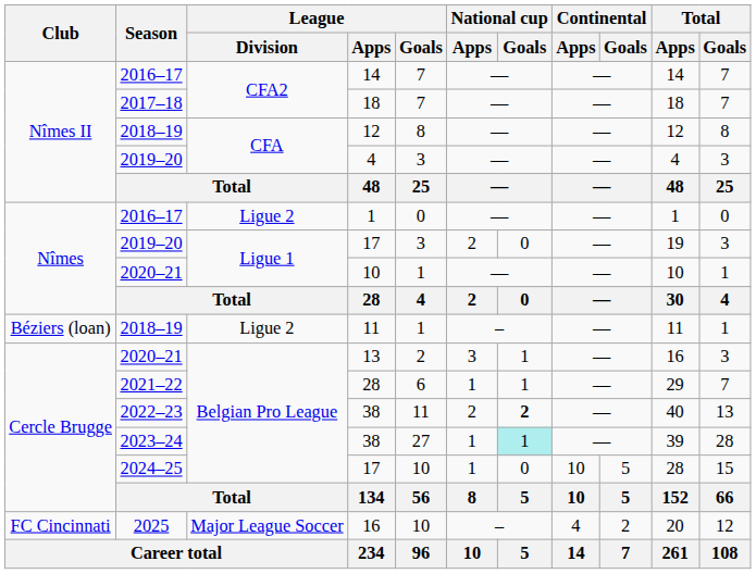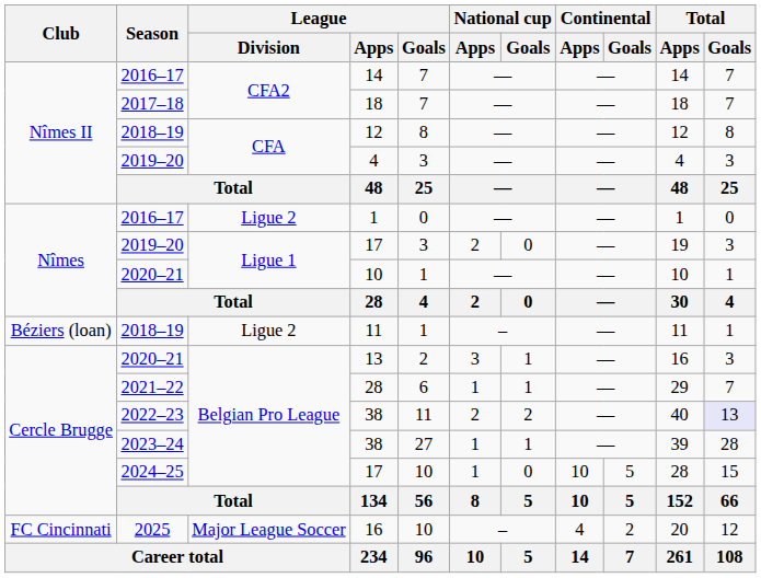 <table class="wikitable" style="text-align:center">
 <tr>
 <th rowspan="2">Club</th>
 <th rowspan="2">Season</th>
 <th colspan="3">League</th>
 <th colspan="2">National cup</th>
 <th colspan="2">Continental</th>
 <th colspan="2">Total</th>
 </tr>
 <tr>
 <th>Division</th>
 <th>Apps</th>
 <th>Goals</th>
 <th>Apps</th>
 <th>Goals</th>
 <th>Apps</th>
 <th>Goals</th>
 <th>Apps</th>
 <th>Goals</th>
 </tr>
 <tr>
 <td rowspan="5"><a href='#'>Nîmes II</a></td>
 <td><a href='#'>2016–17</a></td>
 <td rowspan="2"><a href='#'>CFA2</a></td>
 <td>14</td>
 <td>7</td>
 <td colspan="2">—</td>
 <td colspan="2">—</td>
 <td>14</td>
 <td>7</td>
 </tr>
 <tr>
 <td><a href='#'>2017–18</a></td>
 <td>18</td>
 <td>7</td>
 <td colspan="2">—</td>
 <td colspan="2">—</td>
 <td>18</td>
 <td>7</td>
 </tr>
 <tr>
 <td><a href='#'>2018–19</a></td>
 <td rowspan="2"><a href='#'>CFA</a></td>
 <td>12</td>
 <td>8</td>
 <td colspan="2">—</td>
 <td colspan="2">—</td>
 <td>12</td>
 <td>8</td>
 </tr>
 <tr>
 <td><a href='#'>2019–20</a></td>
 <td>4</td>
 <td>3</td>
 <td colspan="2">—</td>
 <td colspan="2">—</td>
 <td>4</td>
 <td>3</td>
 </tr>
 <tr>
 <th colspan="2">Total</th>
 <th>48</th>
 <th>25</th>
 <th colspan="2">—</th>
 <th colspan="2">—</th>
 <th>48</th>
 <th>25</th>
 </tr>
 <tr>
 <td rowspan="4"><a href='#'>Nîmes</a></td>
 <td><a href='#'>2016–17</a></td>
 <td><a href='#'>Ligue 2</a></td>
 <td>1</td>
 <td>0</td>
 <td colspan="2">—</td>
 <td colspan="2">—</td>
 <td>1</td>
 <td>0</td>
 </tr>
 <tr>
 <td><a href='#'>2019–20</a></td>
 <td rowspan="2"><a href='#'>Ligue 1</a></td>
 <td>17</td>
 <td>3</td>
 <td>2</td>
 <td>0</td>
 <td colspan="2">—</td>
 <td>19</td>
 <td>3</td>
 </tr>
 <tr>
 <td><a href='#'>2020–21</a></td>
 <td>10</td>
 <td>1</td>
 <td colspan="2">—</td>
 <td colspan="2">—</td>
 <td>10</td>
 <td>1</td>
 </tr>
 <tr>
 <th colspan="2">Total</th>
 <th>28</th>
 <th>4</th>
 <th>2</th>
 <th>0</th>
 <th colspan="2">—</th>
 <th>30</th>
 <th>4</th>
 </tr>
 <tr>
 <td><a href='#'>Béziers</a> (loan)</td>
 <td><a href='#'>2018–19</a></td>
 <td>Ligue 2</td>
 <td>11</td>
 <td>1</td>
 <td colspan="2">–</td>
 <td colspan="2">—</td>
 <td>11</td>
 <td>1</td>
 </tr>
 <tr>
 <td rowspan="6"><a href='#'>Cercle Brugge</a></td>
 <td><a href='#'>2020–21</a></td>
 <td rowspan="5"><a href='#'>Belgian Pro League</a></td>
 <td>13</td>
 <td>2</td>
 <td>3</td>
 <td>1</td>
 <td colspan="2">—</td>
 <td>16</td>
 <td>3</td>
 </tr>
 <tr>
 <td><a href='#'>2021–22</a></td>
 <td>28</td>
 <td>6</td>
 <td>1</td>
 <td>1</td>
 <td colspan="2">—</td>
 <td>29</td>
 <td>7</td>
 </tr>
 <tr>
 <td><a href='#'>2022–23</a></td>
 <td>38</td>
 <td>11</td>
 <td>2</td>
-<td><strong>2</strong></td>
+<td>2</td>
 <td colspan="2">—</td>
 <td>40</td>
-<td>13</td>
+<td style="background: lavender;">13</td>
 </tr>
 <tr>
 <td><a href='#'>2023–24</a></td>
 <td>38</td>
 <td>27</td>
 <td>1</td>
-<td style="background: paleturquoise;">1</td>
+<td>1</td>
 <td colspan="2">—</td>
 <td>39</td>
 <td>28</td>
 </tr>
 <tr>
 <td><a href='#'>2024–25</a></td>
 <td>17</td>
 <td>10</td>
 <td>1</td>
 <td>0</td>
 <td>10</td>
 <td>5</td>
 <td>28</td>
 <td>15</td>
 </tr>
 <tr>
 <th colspan="2">Total</th>
 <th>134</th>
 <th>56</th>
 <th>8</th>
 <th>5</th>
 <th>10</th>
 <th>5</th>
 <th>152</th>
 <th>66</th>
 </tr>
 <tr>
 <td><a href='#'>FC Cincinnati</a></td>
 <td><a href='#'>2025</a></td>
 <td><a href='#'>Major League Soccer</a></td>
 <td>16</td>
 <td>10</td>
 <td colspan="2">–</td>
 <td>4</td>
 <td>2</td>
 <td>20</td>
 <td>12</td>
 </tr>
 <tr>
 <th colspan="3">Career total</th>
 <th>234</th>
 <th>96</th>
 <th>10</th>
 <th>5</th>
 <th>14</th>
 <th>7</th>
 <th>261</th>
 <th>108</th>
 </tr>
 </table>
